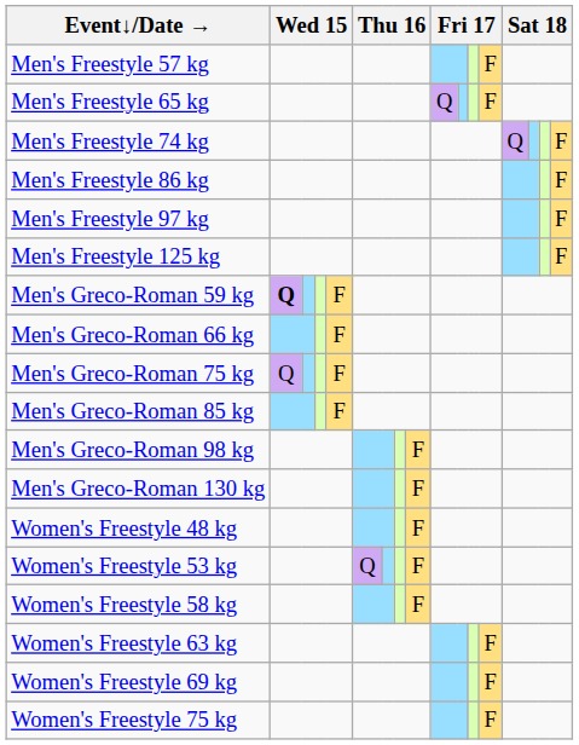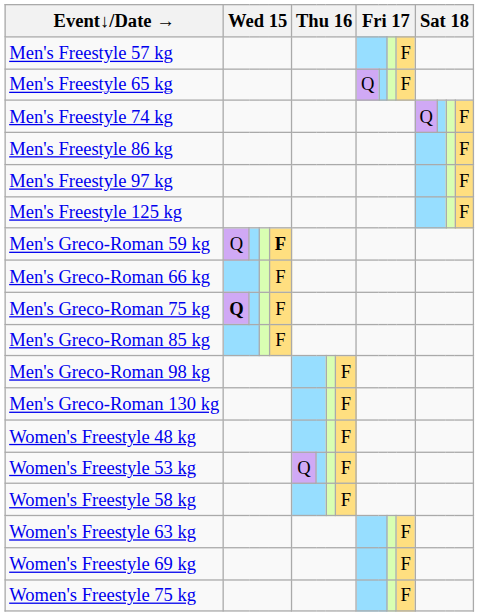 <table class="wikitable" style="margin:0.5em auto; font-size:90%; line-height:1.25em;">
 <tr style="text-align:center;">
 <th>Event↓/Date →</th>
 <th colspan="4">Wed 15</th>
 <th colspan="4">Thu 16</th>
 <th colspan="4">Fri 17</th>
 <th colspan="4">Sat 18</th>
 </tr>
 <tr style="text-align:center;">
 <td style="text-align:left;"><a href='#'>Men's Freestyle 57 kg</a></td>
 <td colspan="4"></td>
 <td colspan="4"></td>
 <td colspan=2 style="background-color:#97DEFF;"></td>
 <td style="background-color:#D9FFB2;"></td>
 <td style="background-color:#FFDF80;">F</td>
 <td colspan="4"></td>
 </tr>
 <tr style="text-align:center;">
 <td style="text-align:left;"><a href='#'>Men's Freestyle 65 kg</a></td>
 <td colspan="4"></td>
 <td colspan="4"></td>
 <td style="background-color:#D0A9F5;">Q</td>
 <td style="background-color:#97DEFF;"></td>
 <td style="background-color:#D9FFB2;"></td>
 <td style="background-color:#FFDF80;">F</td>
 <td colspan="4"></td>
 </tr>
 <tr style="text-align:center;">
 <td style="text-align:left;"><a href='#'>Men's Freestyle 74 kg</a></td>
 <td colspan="4"></td>
 <td colspan="4"></td>
 <td colspan="4"></td>
 <td style="background-color:#D0A9F5;">Q</td>
 <td style="background-color:#97DEFF;"></td>
 <td style="background-color:#D9FFB2;"></td>
 <td style="background-color:#FFDF80;">F</td>
 </tr>
 <tr style="text-align:center;">
 <td style="text-align:left;"><a href='#'>Men's Freestyle 86 kg</a></td>
 <td colspan="4"></td>
 <td colspan="4"></td>
 <td colspan="4"></td>
 <td colspan=2 style="background-color:#97DEFF;"></td>
 <td style="background-color:#D9FFB2;"></td>
 <td style="background-color:#FFDF80;">F</td>
 </tr>
 <tr style="text-align:center;">
 <td style="text-align:left;"><a href='#'>Men's Freestyle 97 kg</a></td>
 <td colspan="4"></td>
 <td colspan="4"></td>
 <td colspan="4"></td>
 <td colspan=2 style="background-color:#97DEFF;"></td>
 <td style="background-color:#D9FFB2;"></td>
 <td style="background-color:#FFDF80;">F</td>
 </tr>
 <tr style="text-align:center;">
 <td style="text-align:left;"><a href='#'>Men's Freestyle 125 kg</a></td>
 <td colspan="4"></td>
 <td colspan="4"></td>
 <td colspan="4"></td>
 <td colspan=2 style="background-color:#97DEFF;"></td>
 <td style="background-color:#D9FFB2;"></td>
 <td style="background-color:#FFDF80;">F</td>
 </tr>
 <tr style="text-align:center;">
 <td style="text-align:left;"><a href='#'>Men's Greco-Roman 59 kg</a></td>
-<td style="background-color:#D0A9F5;"><strong>Q</strong></td>
+<td style="background-color:#D0A9F5;">Q</td>
 <td style="background-color:#97DEFF;"></td>
 <td style="background-color:#D9FFB2;"></td>
-<td style="background-color:#FFDF80;">F</td>
+<td style="background-color:#FFDF80;"><strong>F</strong></td>
 <td colspan="4"></td>
 <td colspan="4"></td>
 <td colspan="4"></td>
 </tr>
 <tr style="text-align:center;">
 <td style="text-align:left;"><a href='#'>Men's Greco-Roman 66 kg</a></td>
 <td colspan=2 style="background-color:#97DEFF;"></td>
 <td style="background-color:#D9FFB2;"></td>
 <td style="background-color:#FFDF80;">F</td>
 <td colspan="4"></td>
 <td colspan="4"></td>
 <td colspan="4"></td>
 </tr>
 <tr style="text-align:center;">
 <td style="text-align:left;"><a href='#'>Men's Greco-Roman 75 kg</a></td>
-<td style="background-color:#D0A9F5;">Q</td>
+<td style="background-color:#D0A9F5;"><strong>Q</strong></td>
 <td style="background-color:#97DEFF;"></td>
 <td style="background-color:#D9FFB2;"></td>
 <td style="background-color:#FFDF80;">F</td>
 <td colspan="4"></td>
 <td colspan="4"></td>
 <td colspan="4"></td>
 </tr>
 <tr style="text-align:center;">
 <td style="text-align:left;"><a href='#'>Men's Greco-Roman 85 kg</a></td>
 <td colspan=2 style="background-color:#97DEFF;"></td>
 <td style="background-color:#D9FFB2;"></td>
 <td style="background-color:#FFDF80;">F</td>
 <td colspan="4"></td>
 <td colspan="4"></td>
 <td colspan="4"></td>
 </tr>
 <tr style="text-align:center;">
 <td style="text-align:left;"><a href='#'>Men's Greco-Roman 98 kg</a></td>
 <td colspan="4"></td>
 <td colspan=2 style="background-color:#97DEFF;"></td>
 <td style="background-color:#D9FFB2;"></td>
 <td style="background-color:#FFDF80;">F</td>
 <td colspan="4"></td>
 <td colspan="4"></td>
 </tr>
 <tr style="text-align:center;">
 <td style="text-align:left;"><a href='#'>Men's Greco-Roman 130 kg</a></td>
 <td colspan="4"></td>
 <td colspan=2 style="background-color:#97DEFF;"></td>
 <td style="background-color:#D9FFB2;"></td>
 <td style="background-color:#FFDF80;">F</td>
 <td colspan="4"></td>
 <td colspan="4"></td>
 </tr>
 <tr style="text-align:center;">
 <td style="text-align:left;"><a href='#'>Women's Freestyle 48 kg</a></td>
 <td colspan="4"></td>
 <td colspan=2 style="background-color:#97DEFF;"></td>
 <td style="background-color:#D9FFB2;"></td>
 <td style="background-color:#FFDF80;">F</td>
 <td colspan="4"></td>
 <td colspan="4"></td>
 </tr>
 <tr style="text-align:center;">
 <td style="text-align:left;"><a href='#'>Women's Freestyle 53 kg</a></td>
 <td colspan="4"></td>
 <td style="background-color:#D0A9F5;">Q</td>
 <td style="background-color:#97DEFF;"></td>
 <td style="background-color:#D9FFB2;"></td>
 <td style="background-color:#FFDF80;">F</td>
 <td colspan="4"></td>
 <td colspan="4"></td>
 </tr>
 <tr style="text-align:center;">
 <td style="text-align:left;"><a href='#'>Women's Freestyle 58 kg</a></td>
 <td colspan="4"></td>
 <td colspan=2 style="background-color:#97DEFF;"></td>
 <td style="background-color:#D9FFB2;"></td>
 <td style="background-color:#FFDF80;">F</td>
 <td colspan="4"></td>
 <td colspan="4"></td>
 </tr>
 <tr style="text-align:center;">
 <td style="text-align:left;"><a href='#'>Women's Freestyle 63 kg</a></td>
 <td colspan="4"></td>
 <td colspan="4"></td>
 <td colspan=2 style="background-color:#97DEFF;"></td>
 <td style="background-color:#D9FFB2;"></td>
 <td style="background-color:#FFDF80;">F</td>
 <td colspan="4"></td>
 </tr>
 <tr style="text-align:center;">
 <td style="text-align:left;"><a href='#'>Women's Freestyle 69 kg</a></td>
 <td colspan="4"></td>
 <td colspan="4"></td>
 <td colspan=2 style="background-color:#97DEFF;"></td>
 <td style="background-color:#D9FFB2;"></td>
 <td style="background-color:#FFDF80;">F</td>
 <td colspan="4"></td>
 </tr>
 <tr style="text-align:center;">
 <td style="text-align:left;"><a href='#'>Women's Freestyle 75 kg</a></td>
 <td colspan="4"></td>
 <td colspan="4"></td>
 <td colspan=2 style="background-color:#97DEFF;"></td>
 <td style="background-color:#D9FFB2;"></td>
 <td style="background-color:#FFDF80;">F</td>
 <td colspan="4"></td>
 </tr>
 </table>
